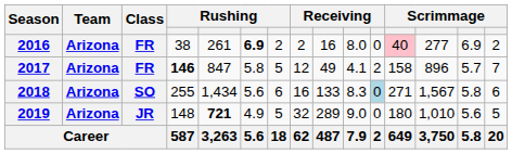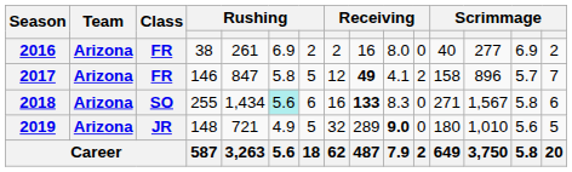 <table class="wikitable sortable" style="text-align:center;">
 <tr>
 <th rowspan="2">Season</th>
 <th rowspan="2">Team</th>
 <th rowspan="2">Class</th>
 <th colspan="4">Rushing</th>
 <th colspan="4">Receiving</th>
 <th colspan="4">Scrimmage</th>
 </tr>
 <tr>
 <th></th>
 <th></th>
 <th></th>
 <th></th>
 <th></th>
 <th></th>
 <th></th>
 <th></th>
 <th></th>
 <th></th>
 <th></th>
 <th></th>
 </tr>
 <tr>
 <th><a href='#'>2016</a></th>
 <th><a href='#'>Arizona</a></th>
 <th><a href='#'>FR</a></th>
 <td>38</td>
 <td>261</td>
-<td><strong>6.9</strong></td>
+<td>6.9</td>
 <td>2</td>
 <td>2</td>
 <td>16</td>
 <td>8.0</td>
 <td>0</td>
-<td style="background: pink;">40</td>
+<td>40</td>
 <td>277</td>
 <td>6.9</td>
 <td>2</td>
 </tr>
 <tr>
 <th><a href='#'>2017</a></th>
 <th><a href='#'>Arizona</a></th>
 <th><a href='#'>FR</a></th>
-<td><strong>146</strong></td>
+<td>146</td>
 <td>847</td>
 <td>5.8</td>
 <td>5</td>
 <td>12</td>
-<td>49</td>
+<td><strong>49</strong></td>
 <td>4.1</td>
 <td>2</td>
 <td>158</td>
 <td>896</td>
 <td>5.7</td>
 <td>7</td>
 </tr>
 <tr>
 <th><a href='#'>2018</a></th>
 <th><a href='#'>Arizona</a></th>
 <th><a href='#'>SO</a></th>
 <td>255</td>
 <td>1,434</td>
-<td>5.6</td>
+<td style="background: paleturquoise;">5.6</td>
 <td>6</td>
 <td>16</td>
-<td>133</td>
+<td><strong>133</strong></td>
 <td>8.3</td>
-<td style="background: lightblue;">0</td>
+<td>0</td>
 <td>271</td>
 <td>1,567</td>
 <td>5.8</td>
 <td>6</td>
 </tr>
 <tr>
 <th><a href='#'>2019</a></th>
 <th><a href='#'>Arizona</a></th>
 <th><a href='#'>JR</a></th>
 <td>148</td>
-<td><strong>721</strong></td>
+<td>721</td>
 <td>4.9</td>
 <td>5</td>
 <td>32</td>
 <td>289</td>
-<td>9.0</td>
+<td><strong>9.0</strong></td>
 <td>0</td>
 <td>180</td>
 <td>1,010</td>
 <td>5.6</td>
 <td>5</td>
 </tr>
 <tr>
 <th colspan="3">Career</th>
 <th>587</th>
 <th>3,263</th>
 <th>5.6</th>
 <th>18</th>
 <th>62</th>
 <th>487</th>
 <th>7.9</th>
 <th>2</th>
 <th>649</th>
 <th>3,750</th>
 <th>5.8</th>
 <th>20</th>
 </tr>
 </table>
